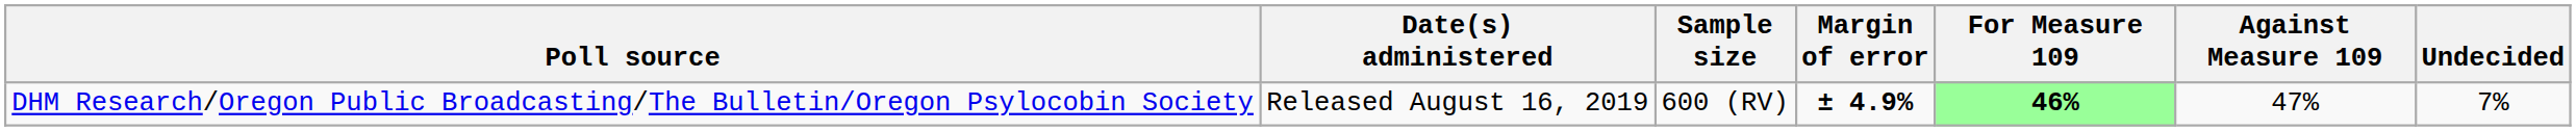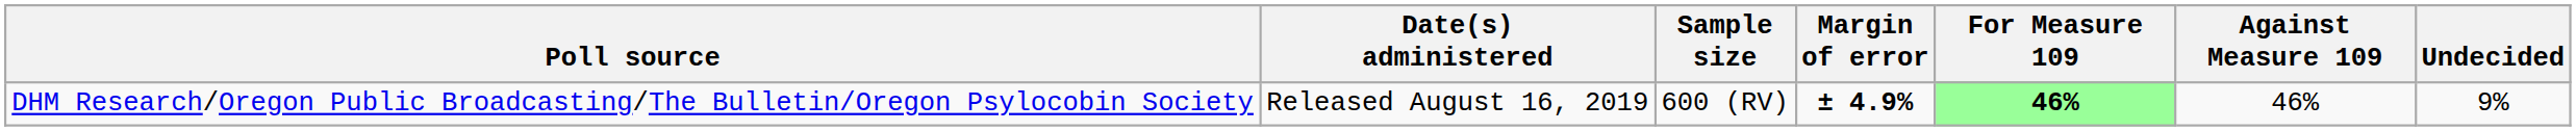 <table class="wikitable" style="font-size:90%;text-align:center;">
 <tr valign=bottom>
 <th>Poll source</th>
 <th>Date(s)<br>administered</th>
 <th>Sample<br>size</th>
 <th>Margin<br>of error</th>
 <th style="width:100px;">For Measure 109</th>
 <th style="width:100px;">Against Measure 109</th>
 <th>Undecided</th>
 </tr>
 <tr>
 <td style="text-align:left;"><a href='#'>DHM Research</a>/<a href='#'>Oregon Public Broadcasting</a>/<a href='#'>The Bulletin/Oregon Psylocobin Society</a></td>
 <td>Released August 16, 2019</td>
 <td>600 (RV)</td>
 <td><strong>± 4.9%</strong></td>
 <td style="background: rgb(153, 255, 153);"><strong>46%</strong></td>
-<td>47%</td>
-<td>7%</td>
+<td>46%</td>
+<td>9%</td>
 </tr>
 </table>
